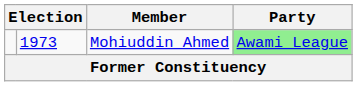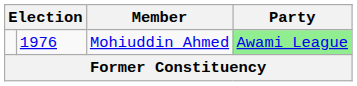 <table class="wikitable">
 <tr>
 <th colspan="2">Election</th>
 <th>Member</th>
 <th>Party</th>
 </tr>
 <tr>
 <td style="background-color:"></td>
-<td><a href='#'>1973</a></td>
+<td><a href='#'>1976</a></td>
 <td><a href='#'>Mohiuddin Ahmed</a></td>
 <td style="background: lightgreen;"><a href='#'>Awami League</a></td>
 </tr>
 <tr>
 <th colspan="4">Former Constituency</th>
 </tr>
 </table>
